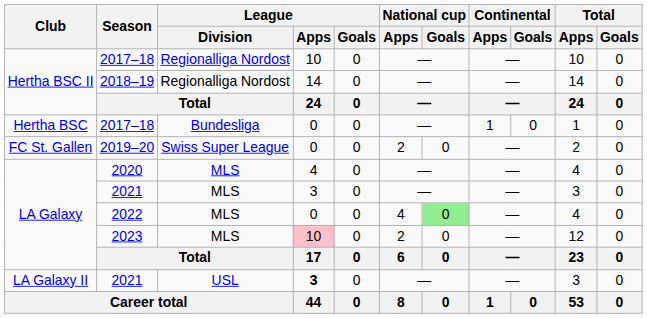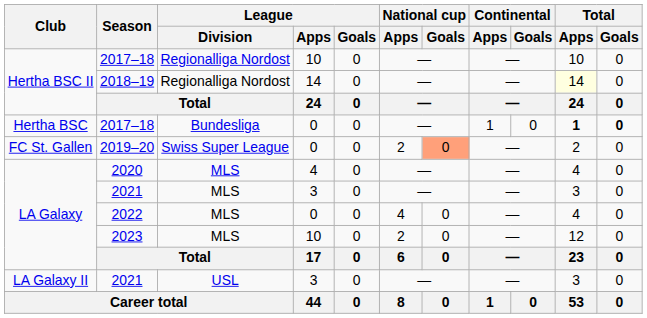 <table class="wikitable" Style="text-align: center">
 <tr>
 <th rowspan="2">Club</th>
 <th rowspan="2">Season</th>
 <th colspan="3">League</th>
 <th colspan="2">National cup</th>
 <th colspan="2">Continental</th>
 <th colspan="2">Total</th>
 </tr>
 <tr>
 <th>Division</th>
 <th>Apps</th>
 <th>Goals</th>
 <th>Apps</th>
 <th>Goals</th>
 <th>Apps</th>
 <th>Goals</th>
 <th>Apps</th>
 <th>Goals</th>
 </tr>
 <tr>
 <td rowspan="3"><a href='#'>Hertha BSC II</a></td>
 <td><a href='#'>2017–18</a></td>
 <td><a href='#'>Regionalliga Nordost</a></td>
 <td>10</td>
 <td>0</td>
 <td colspan="2">—</td>
 <td colspan="2">—</td>
 <td>10</td>
 <td>0</td>
 </tr>
 <tr>
 <td><a href='#'>2018–19</a></td>
 <td>Regionalliga Nordost</td>
 <td>14</td>
 <td>0</td>
 <td colspan="2">—</td>
 <td colspan="2">—</td>
-<td>14</td>
+<td style="background: lightyellow;">14</td>
 <td>0</td>
 </tr>
 <tr>
 <th colspan="2">Total</th>
 <th>24</th>
 <th>0</th>
 <th colspan="2">—</th>
 <th colspan="2">—</th>
 <th>24</th>
 <th>0</th>
 </tr>
 <tr>
 <td><a href='#'>Hertha BSC</a></td>
 <td><a href='#'>2017–18</a></td>
 <td><a href='#'>Bundesliga</a></td>
 <td>0</td>
 <td>0</td>
 <td colspan="2">—</td>
 <td>1</td>
 <td>0</td>
-<td>1</td>
-<td>0</td>
+<td><strong>1</strong></td>
+<td><strong>0</strong></td>
 </tr>
 <tr>
 <td><a href='#'>FC St. Gallen</a></td>
 <td><a href='#'>2019–20</a></td>
 <td><a href='#'>Swiss Super League</a></td>
 <td>0</td>
 <td>0</td>
 <td>2</td>
-<td>0</td>
+<td style="background: lightsalmon;">0</td>
 <td colspan="2">—</td>
 <td>2</td>
 <td>0</td>
 </tr>
 <tr>
 <td rowspan="5"><a href='#'>LA Galaxy</a></td>
 <td><a href='#'>2020</a></td>
 <td><a href='#'>MLS</a></td>
 <td>4</td>
 <td>0</td>
 <td colspan="2">—</td>
 <td colspan="2">—</td>
 <td>4</td>
 <td>0</td>
 </tr>
 <tr>
 <td><a href='#'>2021</a></td>
 <td>MLS</td>
 <td>3</td>
 <td>0</td>
 <td colspan="2">—</td>
 <td colspan="2">—</td>
 <td>3</td>
 <td>0</td>
 </tr>
 <tr>
 <td><a href='#'>2022</a></td>
 <td>MLS</td>
 <td>0</td>
 <td>0</td>
 <td>4</td>
-<td style="background: lightgreen;">0</td>
+<td>0</td>
 <td colspan="2">—</td>
 <td>4</td>
 <td>0</td>
 </tr>
 <tr>
 <td><a href='#'>2023</a></td>
 <td>MLS</td>
-<td style="background: pink;">10</td>
+<td>10</td>
 <td>0</td>
 <td>2</td>
 <td>0</td>
 <td colspan="2">—</td>
 <td>12</td>
 <td>0</td>
 </tr>
 <tr>
 <th colspan="2">Total</th>
 <th>17</th>
 <th>0</th>
 <th>6</th>
 <th>0</th>
 <th colspan="2">—</th>
 <th>23</th>
 <th>0</th>
 </tr>
 <tr>
 <td rowspan="1"><a href='#'>LA Galaxy II</a></td>
 <td><a href='#'>2021</a></td>
 <td><a href='#'>USL</a></td>
-<td><strong>3</strong></td>
+<td>3</td>
 <td>0</td>
 <td colspan="2">—</td>
 <td colspan="2">—</td>
 <td>3</td>
 <td>0</td>
 </tr>
 <tr>
 <th colspan="3">Career total</th>
 <th>44</th>
 <th>0</th>
 <th>8</th>
 <th>0</th>
 <th>1</th>
 <th>0</th>
 <th>53</th>
 <th>0</th>
 </tr>
 </table>
